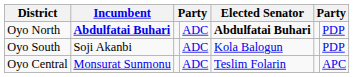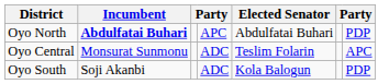 <table class="sortable wikitable" style="font-size:95%;line-height:14px;">
 <tr>
 <th class="unsortable">District</th>
 <th class="unsortable"><a href='#'>Incumbent</a></th>
 <th colspan="2">Party</th>
 <th class="unsortable">Elected Senator</th>
 <th colspan="2">Party</th>
 </tr>
 <tr>
 <td>Oyo North</td>
 <td><strong><a href='#'>Abdulfatai Buhari</a></strong></td>
 <td style="background:"></td>
-<td><a href='#'>ADC</a></td>
-<td><strong>Abdulfatai Buhari</strong></td>
-<td style="background:"></td>
-<td><a href='#'>PDP</a></td>
-</tr>
-<tr>
-<td>Oyo South</td>
-<td>Soji Akanbi</td>
-<td style="background-color:"></td>
-<td><a href='#'>ADC</a></td>
-<td><a href='#'>Kola Balogun</a></td>
+<td><a href='#'>APC</a></td>
+<td>Abdulfatai Buhari</td>
 <td style="background:"></td>
 <td><a href='#'>PDP</a></td>
 </tr>
 <tr>
 <td>Oyo Central</td>
 <td><a href='#'>Monsurat Sunmonu</a></td>
 <td style="background-color:"></td>
 <td><a href='#'>ADC</a></td>
 <td><a href='#'>Teslim Folarin</a></td>
 <td style="background:"></td>
 <td><a href='#'>APC</a></td>
 </tr>
+<tr>
+<td>Oyo South</td>
+<td>Soji Akanbi</td>
+<td style="background-color:"></td>
+<td><a href='#'>ADC</a></td>
+<td><a href='#'>Kola Balogun</a></td>
+<td style="background:"></td>
+<td><a href='#'>PDP</a></td>
+</tr>
 </table>
